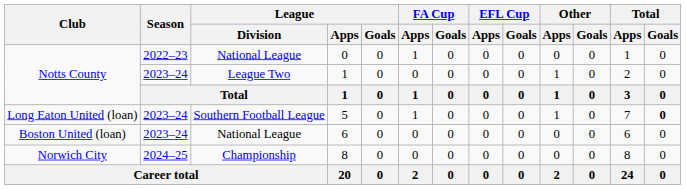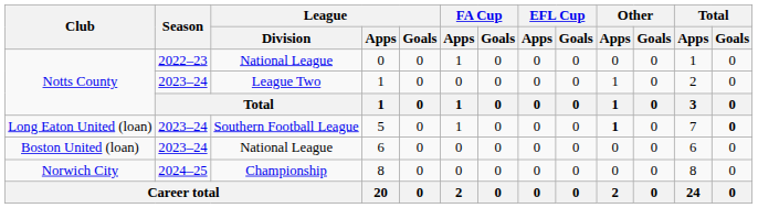 <table class=wikitable style=text-align:center>
 <tr>
 <th rowspan="2">Club</th>
 <th rowspan="2">Season</th>
 <th colspan="3">League</th>
 <th colspan="2"><a href='#'>FA Cup</a></th>
 <th colspan="2"><a href='#'>EFL Cup</a></th>
 <th colspan="2">Other</th>
 <th colspan="2">Total</th>
 </tr>
 <tr>
 <th>Division</th>
 <th>Apps</th>
 <th>Goals</th>
 <th>Apps</th>
 <th>Goals</th>
 <th>Apps</th>
 <th>Goals</th>
 <th>Apps</th>
 <th>Goals</th>
 <th>Apps</th>
 <th>Goals</th>
 </tr>
 <tr>
 <td rowspan="3"><a href='#'>Notts County</a></td>
 <td><a href='#'>2022–23</a></td>
 <td><a href='#'>National League</a></td>
 <td>0</td>
 <td>0</td>
 <td>1</td>
 <td>0</td>
 <td>0</td>
 <td>0</td>
 <td>0</td>
 <td>0</td>
 <td>1</td>
 <td>0</td>
 </tr>
 <tr>
 <td><a href='#'>2023–24</a></td>
 <td><a href='#'>League Two</a></td>
 <td>1</td>
 <td>0</td>
 <td>0</td>
 <td>0</td>
 <td>0</td>
 <td>0</td>
 <td>1</td>
 <td>0</td>
 <td>2</td>
 <td>0</td>
 </tr>
 <tr>
 <th colspan="2">Total</th>
 <th>1</th>
 <th>0</th>
 <th>1</th>
 <th>0</th>
 <th>0</th>
 <th>0</th>
 <th>1</th>
 <th>0</th>
 <th>3</th>
 <th>0</th>
 </tr>
 <tr>
 <td><a href='#'>Long Eaton United</a> (loan)</td>
 <td><a href='#'>2023–24</a></td>
 <td><a href='#'>Southern Football League</a></td>
 <td>5</td>
 <td>0</td>
 <td>1</td>
 <td>0</td>
 <td>0</td>
 <td>0</td>
-<td>1</td>
+<td><strong>1</strong></td>
 <td>0</td>
 <td>7</td>
 <td><strong>0</strong></td>
 </tr>
 <tr>
 <td><a href='#'>Boston United</a> (loan)</td>
 <td><a href='#'>2023–24</a></td>
 <td>National League</td>
 <td>6</td>
 <td>0</td>
 <td>0</td>
 <td>0</td>
 <td>0</td>
 <td>0</td>
 <td>0</td>
 <td>0</td>
 <td>6</td>
 <td>0</td>
 </tr>
 <tr>
 <td><a href='#'>Norwich City</a></td>
 <td><a href='#'>2024–25</a></td>
 <td><a href='#'>Championship</a></td>
 <td>8</td>
 <td>0</td>
 <td>0</td>
 <td>0</td>
 <td>0</td>
 <td>0</td>
 <td>0</td>
 <td>0</td>
 <td>8</td>
 <td>0</td>
 </tr>
 <tr>
 <th colspan="3">Career total</th>
 <th>20</th>
 <th>0</th>
 <th>2</th>
 <th>0</th>
 <th>0</th>
 <th>0</th>
 <th>2</th>
 <th>0</th>
 <th>24</th>
 <th>0</th>
 </tr>
 </table>
